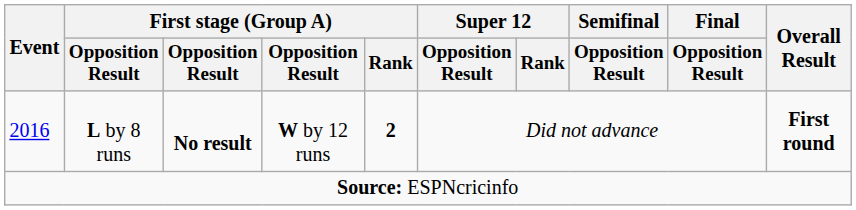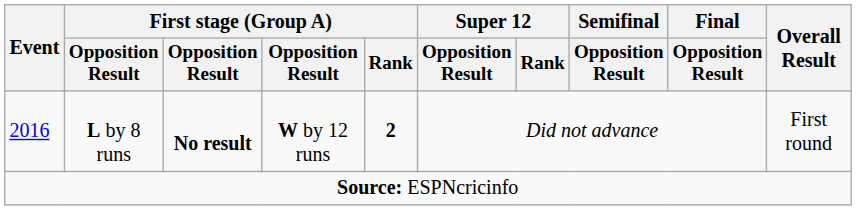 <table class=wikitable style=font-size:90%;text-align:center>
 <tr>
 <th rowspan=2>Event</th>
 <th colspan=4>First stage (Group A)</th>
 <th colspan=2>Super 12</th>
 <th>Semifinal</th>
 <th>Final</th>
 <th rowspan=2>Overall Result</th>
 </tr>
 <tr style=font-size:95%>
 <th>Opposition<br>Result</th>
 <th>Opposition<br>Result</th>
 <th>Opposition<br>Result</th>
 <th>Rank</th>
 <th>Opposition<br>Result</th>
 <th>Rank</th>
 <th>Opposition<br>Result</th>
 <th>Opposition<br>Result</th>
 </tr>
 <tr>
 <td align=left><a href='#'>2016</a></td>
 <td><br><strong>L</strong> by 8 runs</td>
 <td><br><strong>No result</strong></td>
 <td><br><strong>W</strong> by 12 runs</td>
 <td><strong>2</strong></td>
 <td colspan="4"><em>Did not advance</em></td>
-<td><strong>First round</strong></td>
+<td>First round</td>
 </tr>
 <tr>
 <td colspan="13"><strong>Source:</strong> ESPNcricinfo</td>
 </tr>
 </table>
